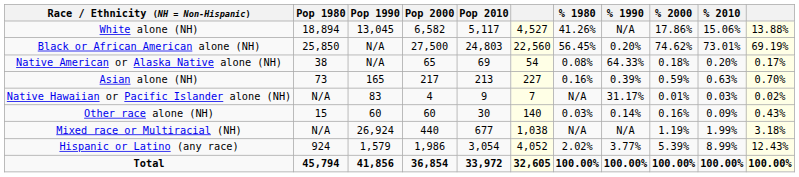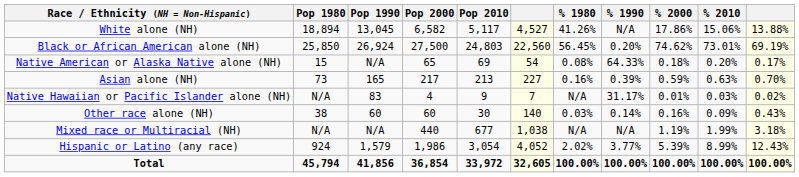 <table class="wikitable" style="text-align:center;">
 <tr>
 <th>Race / Ethnicity <small>(<em>NH = Non-Hispanic</em>)</small></th>
 <th>Pop 1980</th>
 <th>Pop 1990</th>
 <th>Pop 2000</th>
 <th>Pop 2010</th>
 <th></th>
 <th>% 1980</th>
 <th>% 1990</th>
 <th>% 2000</th>
 <th>% 2010</th>
 <th></th>
 </tr>
 <tr>
 <td><a href='#'>White</a> alone (NH)</td>
 <td>18,894</td>
 <td>13,045</td>
 <td>6,582</td>
 <td>5,117</td>
 <td style='background: #ffffe6;'>4,527</td>
 <td>41.26%</td>
 <td>N/A</td>
 <td>17.86%</td>
 <td>15.06%</td>
 <td style='background: #ffffe6;'>13.88%</td>
 </tr>
 <tr>
 <td><a href='#'>Black or African American</a> alone (NH)</td>
 <td>25,850</td>
-<td>N/A</td>
+<td>26,924</td>
 <td>27,500</td>
 <td>24,803</td>
 <td style='background: #ffffe6;'>22,560</td>
 <td>56.45%</td>
 <td>0.20%</td>
 <td>74.62%</td>
 <td>73.01%</td>
 <td style='background: #ffffe6;'>69.19%</td>
 </tr>
 <tr>
 <td><a href='#'>Native American</a> or <a href='#'>Alaska Native</a> alone (NH)</td>
-<td>38</td>
+<td>15</td>
 <td>N/A</td>
 <td>65</td>
 <td>69</td>
 <td style='background: #ffffe6;'>54</td>
 <td>0.08%</td>
 <td>64.33%</td>
 <td>0.18%</td>
 <td>0.20%</td>
 <td style='background: #ffffe6;'>0.17%</td>
 </tr>
 <tr>
 <td><a href='#'>Asian</a> alone (NH)</td>
 <td>73</td>
 <td>165</td>
 <td>217</td>
 <td>213</td>
 <td style='background: #ffffe6;'>227</td>
 <td>0.16%</td>
 <td>0.39%</td>
 <td>0.59%</td>
 <td>0.63%</td>
 <td style='background: #ffffe6;'>0.70%</td>
 </tr>
 <tr>
 <td><a href='#'>Native Hawaiian</a> or <a href='#'>Pacific Islander</a> alone (NH)</td>
 <td>N/A</td>
 <td>83</td>
 <td>4</td>
 <td>9</td>
 <td style='background: #ffffe6;'>7</td>
 <td>N/A</td>
 <td>31.17%</td>
 <td>0.01%</td>
 <td>0.03%</td>
 <td style='background: #ffffe6;'>0.02%</td>
 </tr>
 <tr>
 <td><a href='#'>Other race</a> alone (NH)</td>
-<td>15</td>
+<td>38</td>
 <td>60</td>
 <td>60</td>
 <td>30</td>
 <td style='background: #ffffe6;'>140</td>
 <td>0.03%</td>
 <td>0.14%</td>
 <td>0.16%</td>
 <td>0.09%</td>
 <td style='background: #ffffe6;'>0.43%</td>
 </tr>
 <tr>
 <td><a href='#'>Mixed race or Multiracial</a> (NH)</td>
 <td>N/A</td>
-<td>26,924</td>
+<td>N/A</td>
 <td>440</td>
 <td>677</td>
 <td style='background: #ffffe6;'>1,038</td>
 <td>N/A</td>
 <td>N/A</td>
 <td>1.19%</td>
 <td>1.99%</td>
 <td style='background: #ffffe6;'>3.18%</td>
 </tr>
 <tr>
 <td><a href='#'>Hispanic or Latino</a> (any race)</td>
 <td>924</td>
 <td>1,579</td>
 <td>1,986</td>
 <td>3,054</td>
 <td style='background: #ffffe6;'>4,052</td>
 <td>2.02%</td>
 <td>3.77%</td>
 <td>5.39%</td>
 <td>8.99%</td>
 <td style='background: #ffffe6;'>12.43%</td>
 </tr>
 <tr>
 <td><strong>Total</strong></td>
 <td><strong>45,794</strong></td>
 <td><strong>41,856</strong></td>
 <td><strong>36,854</strong></td>
 <td><strong>33,972</strong></td>
 <td style='background: #ffffe6;'><strong>32,605</strong></td>
 <td><strong>100.00%</strong></td>
 <td><strong>100.00%</strong></td>
 <td><strong>100.00%</strong></td>
 <td><strong>100.00%</strong></td>
 <td style='background: #ffffe6;'><strong>100.00%</strong></td>
 </tr>
 </table>
